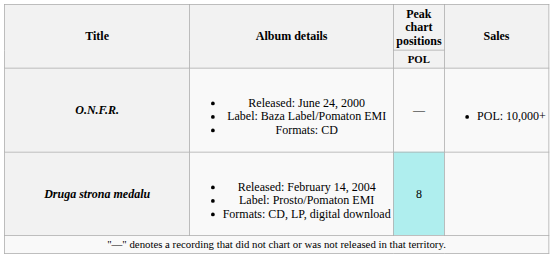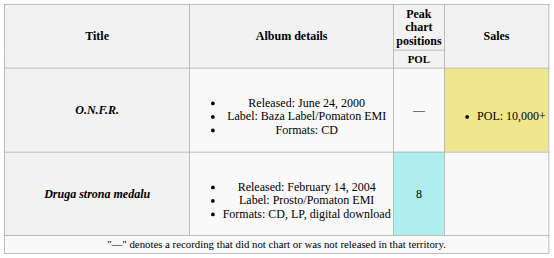 <table class="wikitable plainrowheaders" style="text-align:center;">
 <tr>
 <th scope="col" rowspan="2" style="width:15em;">Title</th>
 <th scope="col" rowspan="2">Album details</th>
 <th scope="col" colspan="1">Peak chart positions</th>
 <th scope="col" rowspan="2">Sales</th>
 </tr>
 <tr>
 <th scope="col" style="width:3em;font-size:90%;">POL<br></th>
 </tr>
 <tr>
 <th scope="row"><em>O.N.F.R.</em></th>
 <td><br><ul><li>Released: June 24, 2000</li><li>Label: Baza Label/Pomaton EMI</li><li>Formats: CD</li></ul></td>
 <td>—</td>
-<td><br><ul><li>POL: 10,000+</li></ul></td>
+<td style="background: khaki;"><br><ul><li>POL: 10,000+</li></ul></td>
 </tr>
 <tr>
 <th scope="row"><em>Druga strona medalu</em></th>
 <td><br><ul><li>Released: February 14, 2004</li><li>Label: Prosto/Pomaton EMI</li><li>Formats: CD, LP, digital download</li></ul></td>
 <td style="background: paleturquoise;">8</td>
 <td></td>
 </tr>
 <tr>
 <td colspan="20" style="font-size:90%">"—" denotes a recording that did not chart or was not released in that territory.</td>
 </tr>
 </table>
